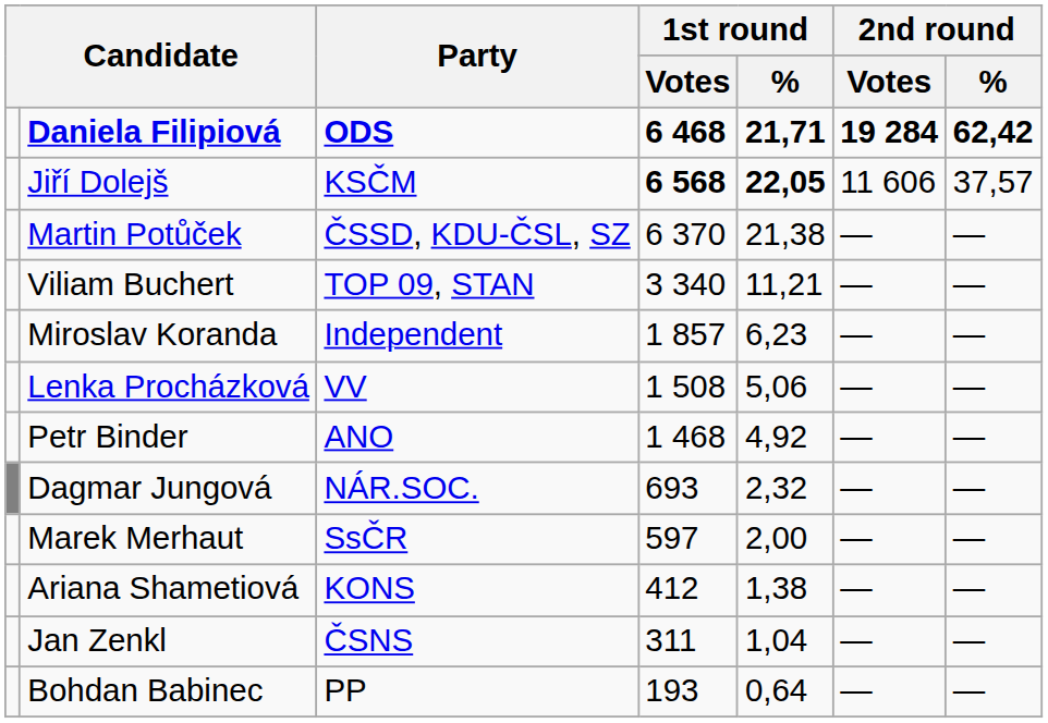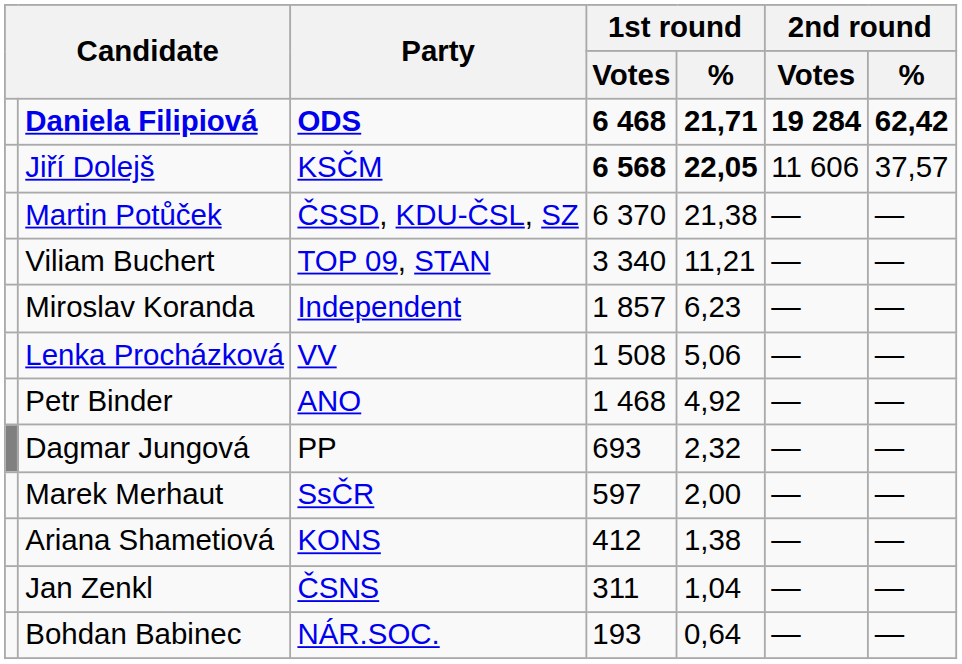 <table class="wikitable sortable">
 <tr>
 <th colspan="2" rowspan="2">Candidate</th>
 <th rowspan="2">Party</th>
 <th colspan="2">1st round</th>
 <th colspan="2">2nd round</th>
 </tr>
 <tr>
 <th>Votes</th>
 <th>%</th>
 <th>Votes</th>
 <th>%</th>
 </tr>
 <tr>
 <td style="background-color:"></td>
 <td><strong><a href='#'>Daniela Filipiová</a></strong></td>
 <td><a href='#'><strong>ODS</strong></a></td>
 <td><strong>6 468</strong></td>
 <td><strong>21,71</strong></td>
 <td><strong>19 284</strong></td>
 <td><strong>62,42</strong></td>
 </tr>
 <tr>
 <td style="background-color:"></td>
 <td><a href='#'>Jiří Dolejš</a></td>
 <td><a href='#'>KSČM</a></td>
 <td><strong>6 568</strong></td>
 <td><strong>22,05</strong></td>
 <td>11 606</td>
 <td>37,57</td>
 </tr>
 <tr>
 <td style="background-color:"></td>
 <td><a href='#'>Martin Potůček</a></td>
 <td><a href='#'>ČSSD</a>, <a href='#'>KDU-ČSL</a>, <a href='#'>SZ</a></td>
 <td>6 370</td>
 <td>21,38</td>
 <td>—</td>
 <td>—</td>
 </tr>
 <tr>
 <td style="background-color:"></td>
 <td>Viliam Buchert</td>
 <td><a href='#'>TOP 09</a>, <a href='#'>STAN</a></td>
 <td>3 340</td>
 <td>11,21</td>
 <td>—</td>
 <td>—</td>
 </tr>
 <tr>
 <td style="background-color:"></td>
 <td>Miroslav Koranda</td>
 <td><a href='#'>Independent</a></td>
 <td>1 857</td>
 <td>6,23</td>
 <td>—</td>
 <td>—</td>
 </tr>
 <tr>
 <td style="background-color:"></td>
 <td><a href='#'>Lenka Procházková</a></td>
 <td><a href='#'>VV</a></td>
 <td>1 508</td>
 <td>5,06</td>
 <td>—</td>
 <td>—</td>
 </tr>
 <tr>
 <td style="background-color:"></td>
 <td>Petr Binder</td>
 <td><a href='#'>ANO</a></td>
 <td>1 468</td>
 <td>4,92</td>
 <td>—</td>
 <td>—</td>
 </tr>
 <tr>
 <td style="background-color:grey;"></td>
 <td>Dagmar Jungová</td>
-<td><a href='#'>NÁR.SOC.</a></td>
+<td>PP</td>
 <td>693</td>
 <td>2,32</td>
 <td>—</td>
 <td>—</td>
 </tr>
 <tr>
 <td style="background-color:"></td>
 <td>Marek Merhaut</td>
 <td><a href='#'>SsČR</a></td>
 <td>597</td>
 <td>2,00</td>
 <td>—</td>
 <td>—</td>
 </tr>
 <tr>
 <td style="background-color:"></td>
 <td>Ariana Shametiová</td>
 <td><a href='#'>KONS</a></td>
 <td>412</td>
 <td>1,38</td>
 <td>—</td>
 <td>—</td>
 </tr>
 <tr>
 <td style="background-color:"></td>
 <td>Jan Zenkl</td>
 <td><a href='#'>ČSNS</a></td>
 <td>311</td>
 <td>1,04</td>
 <td>—</td>
 <td>—</td>
 </tr>
 <tr>
 <td style="background-color:"></td>
 <td>Bohdan Babinec</td>
-<td>PP</td>
+<td><a href='#'>NÁR.SOC.</a></td>
 <td>193</td>
 <td>0,64</td>
 <td>—</td>
 <td>—</td>
 </tr>
 </table>
